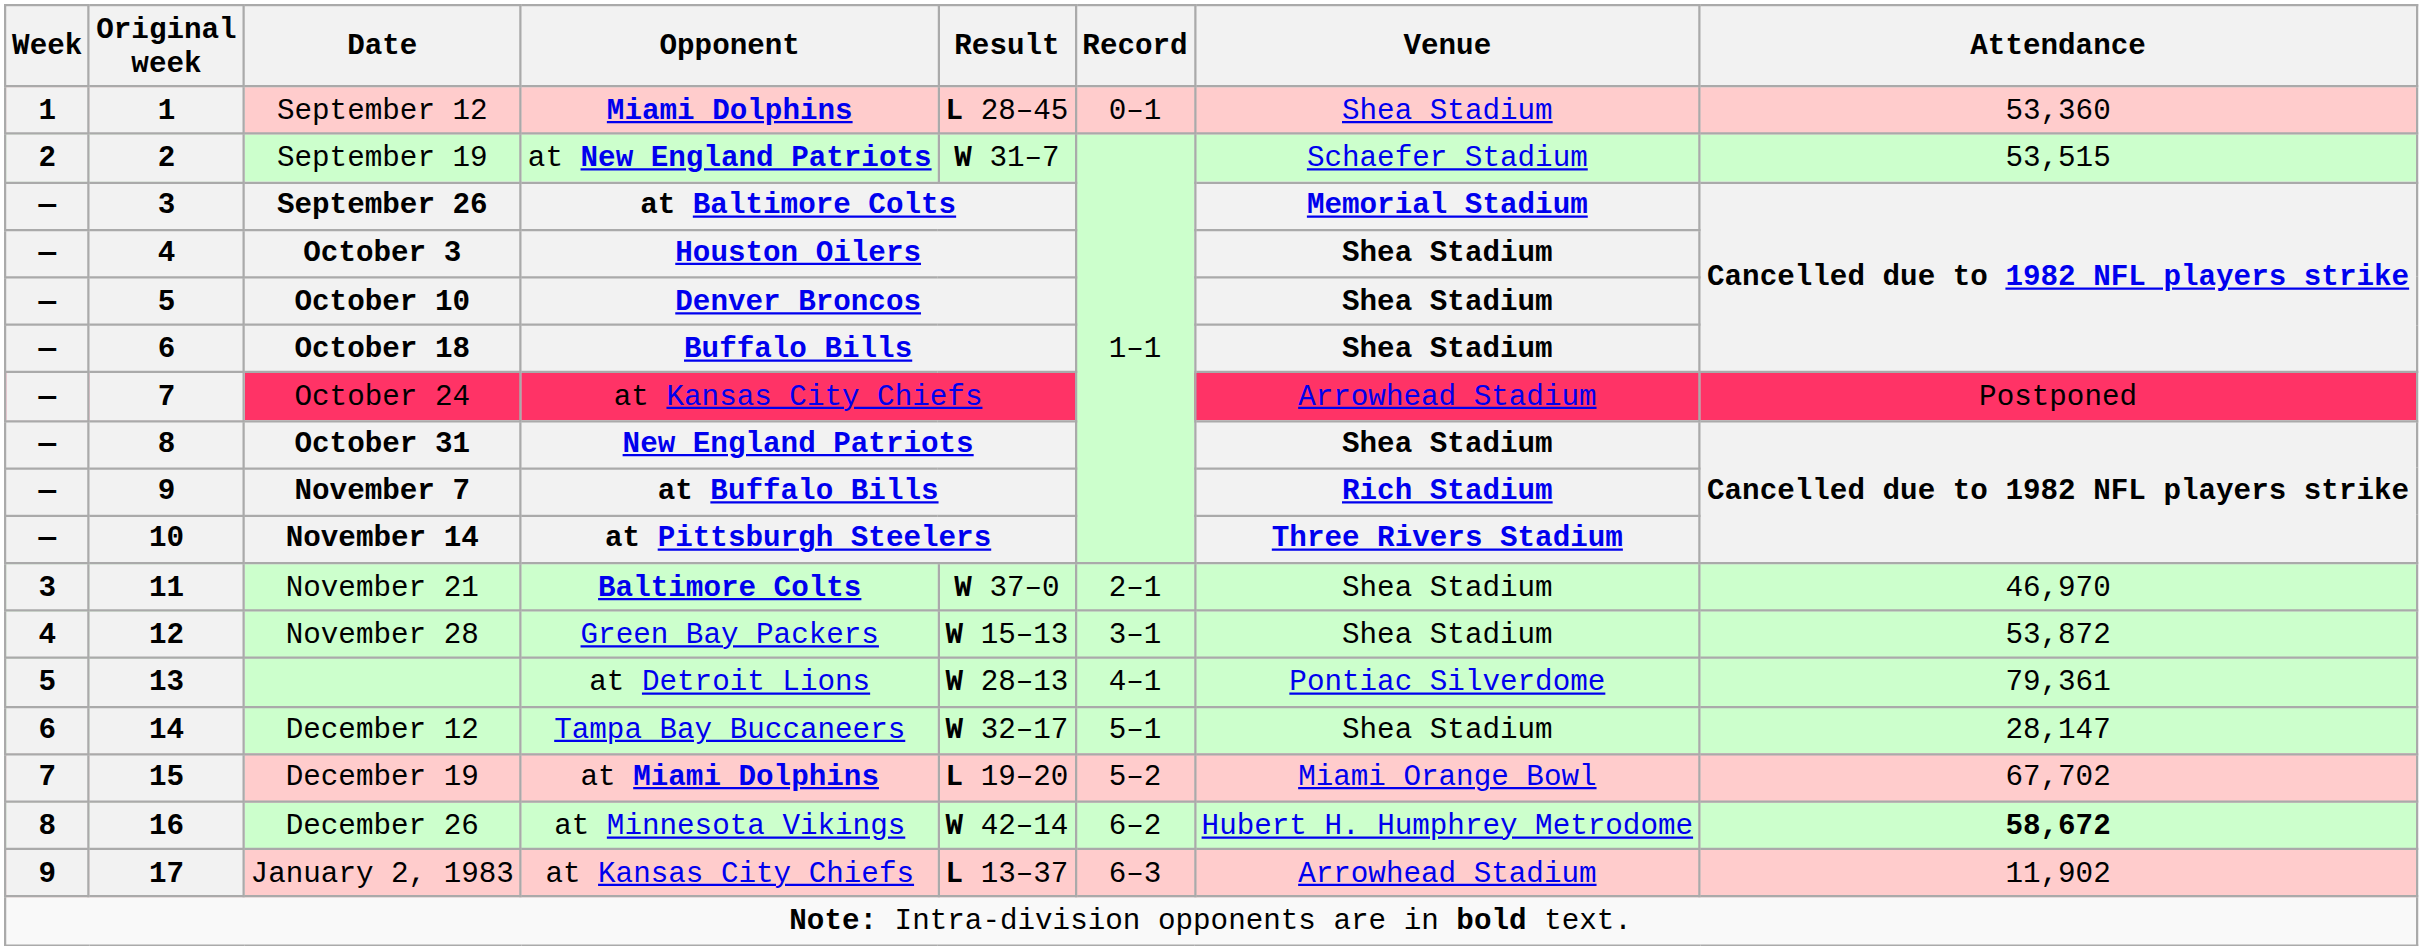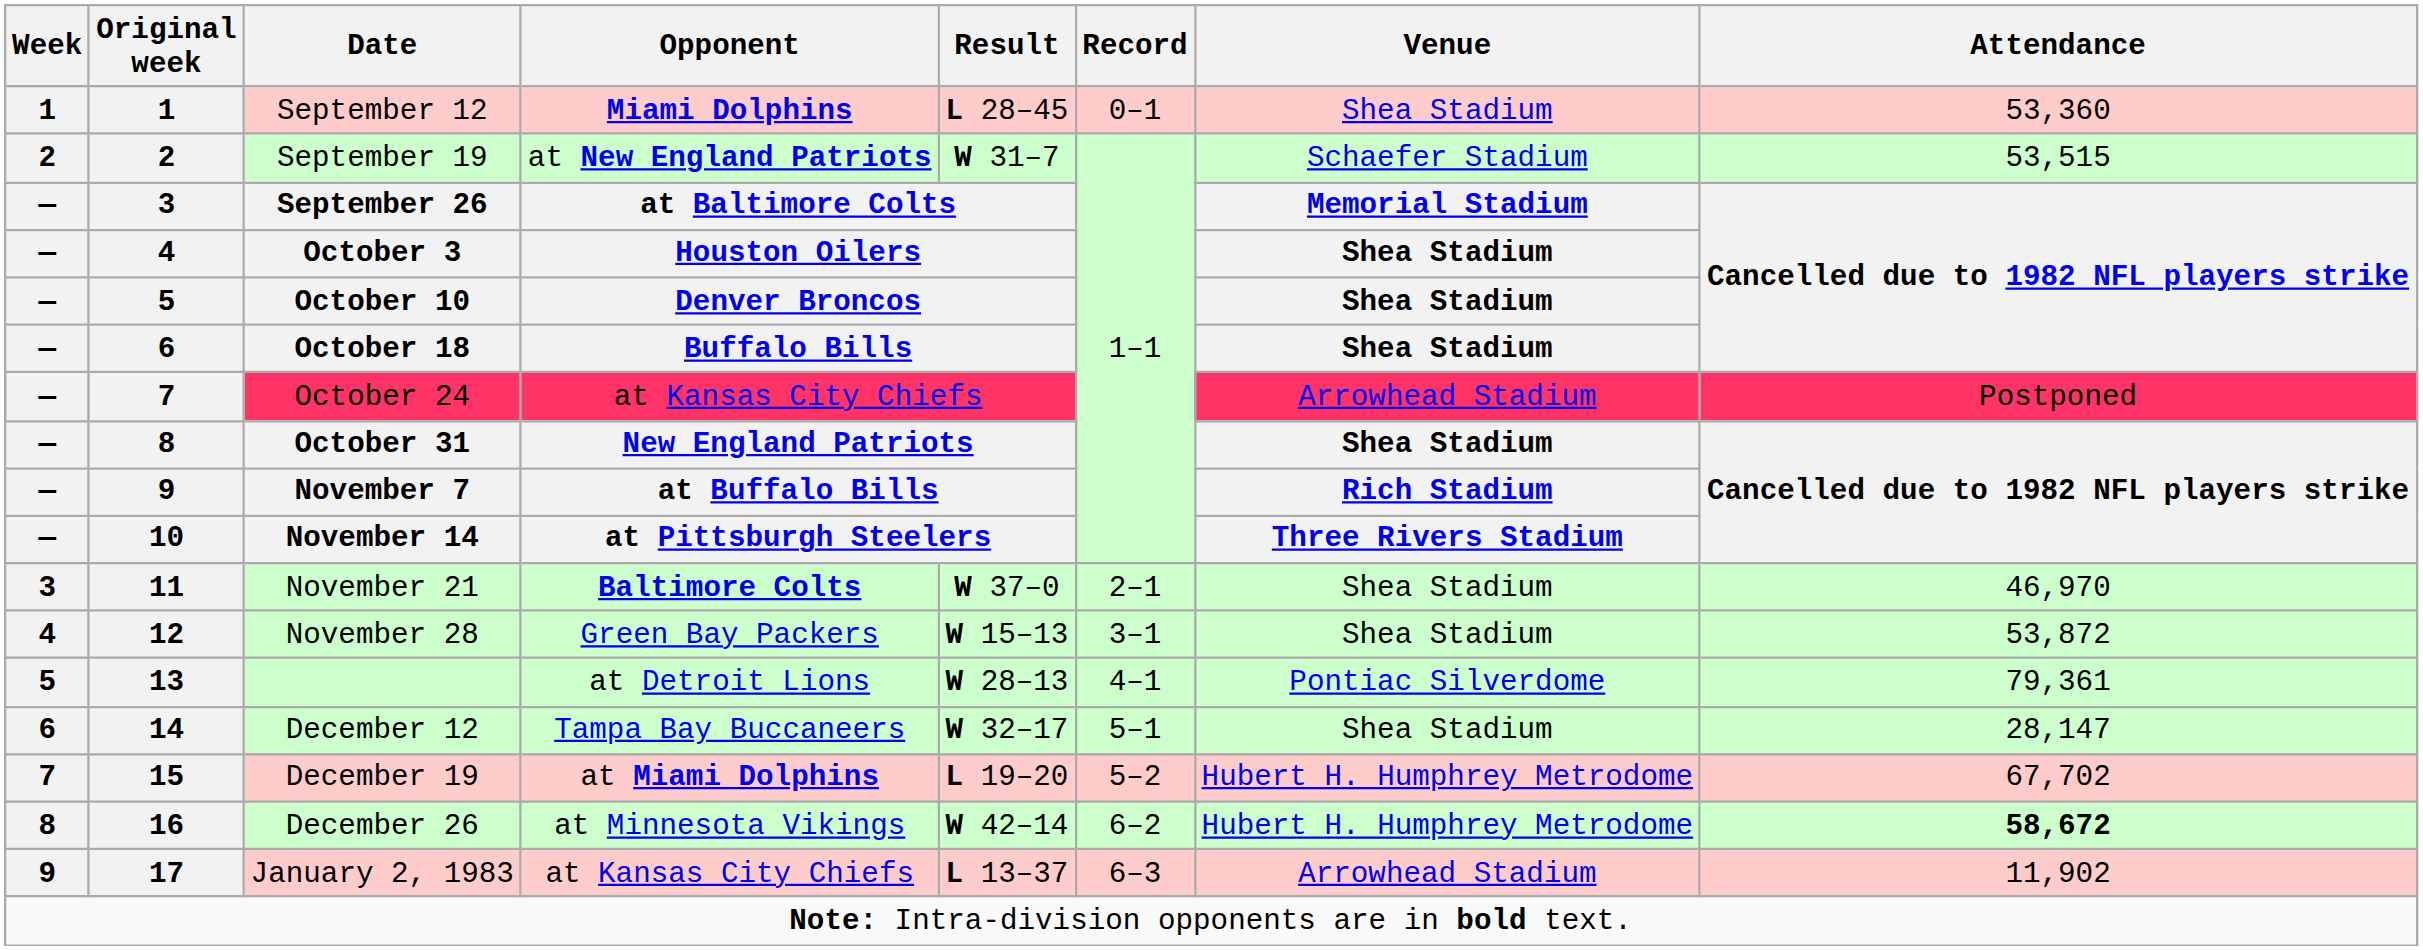 <table class="wikitable" style="text-align:center">
 <tr>
 <th>Week</th>
 <th>Original<br>week</th>
 <th>Date</th>
 <th>Opponent</th>
 <th>Result</th>
 <th>Record</th>
 <th>Venue</th>
 <th>Attendance</th>
 </tr>
 <tr style="background:#fcc">
 <th>1</th>
 <th>1</th>
 <td>September 12</td>
 <td><strong><a href='#'>Miami Dolphins</a></strong></td>
 <td><strong>L</strong> 28–45</td>
 <td>0–1</td>
 <td><a href='#'>Shea Stadium</a></td>
 <td>53,360</td>
 </tr>
 <tr style="background:#cfc">
 <th>2</th>
 <th>2</th>
 <td>September 19</td>
 <td>at <strong><a href='#'>New England Patriots</a></strong></td>
 <td><strong>W</strong> 31–7</td>
 <td rowspan="9">1–1</td>
 <td><a href='#'>Schaefer Stadium</a></td>
 <td>53,515</td>
 </tr>
 <tr>
 <th>—</th>
 <th>3</th>
 <th>September 26</th>
 <th colspan="2">at <strong><a href='#'>Baltimore Colts</a></strong></th>
 <th><a href='#'>Memorial Stadium</a></th>
 <th rowspan="4">Cancelled due to <a href='#'>1982 NFL players strike</a></th>
 </tr>
 <tr>
 <th>—</th>
 <th>4</th>
 <th>October 3</th>
 <th colspan="2"><a href='#'>Houston Oilers</a></th>
 <th>Shea Stadium</th>
 </tr>
 <tr>
 <th>—</th>
 <th>5</th>
 <th>October 10</th>
 <th colspan="2"><a href='#'>Denver Broncos</a></th>
 <th>Shea Stadium</th>
 </tr>
 <tr>
 <th>—</th>
 <th>6</th>
 <th>October 18</th>
 <th colspan="2"><strong><a href='#'>Buffalo Bills</a></strong></th>
 <th>Shea Stadium</th>
 </tr>
 <tr style="background:#F36;">
 <th>—</th>
 <th>7</th>
 <td>October 24</td>
 <td colspan="2">at <a href='#'>Kansas City Chiefs</a></td>
 <td><a href='#'>Arrowhead Stadium</a></td>
 <td>Postponed</td>
 </tr>
 <tr>
 <th>—</th>
 <th>8</th>
 <th>October 31</th>
 <th colspan="2"><strong><a href='#'>New England Patriots</a></strong></th>
 <th>Shea Stadium</th>
 <th rowspan="3">Cancelled due to 1982 NFL players strike</th>
 </tr>
 <tr>
 <th>—</th>
 <th>9</th>
 <th>November 7</th>
 <th colspan="2">at <strong><a href='#'>Buffalo Bills</a></strong></th>
 <th><a href='#'>Rich Stadium</a></th>
 </tr>
 <tr>
 <th>—</th>
 <th>10</th>
 <th>November 14</th>
 <th colspan="2">at <a href='#'>Pittsburgh Steelers</a></th>
 <th><a href='#'>Three Rivers Stadium</a></th>
 </tr>
 <tr style="background:#cfc">
 <th>3</th>
 <th>11</th>
 <td>November 21</td>
 <td><strong><a href='#'>Baltimore Colts</a></strong></td>
 <td><strong>W</strong> 37–0</td>
 <td>2–1</td>
 <td>Shea Stadium</td>
 <td>46,970</td>
 </tr>
 <tr style="background:#cfc">
 <th>4</th>
 <th>12</th>
 <td>November 28</td>
 <td><a href='#'>Green Bay Packers</a></td>
 <td><strong>W</strong> 15–13</td>
 <td>3–1</td>
 <td>Shea Stadium</td>
 <td>53,872</td>
 </tr>
 <tr style="background:#cfc">
 <th>5</th>
 <th>13</th>
 <td></td>
 <td>at <a href='#'>Detroit Lions</a></td>
 <td><strong>W</strong> 28–13</td>
 <td>4–1</td>
 <td><a href='#'>Pontiac Silverdome</a></td>
 <td>79,361</td>
 </tr>
 <tr style="background:#cfc">
 <th>6</th>
 <th>14</th>
 <td>December 12</td>
 <td><a href='#'>Tampa Bay Buccaneers</a></td>
 <td><strong>W</strong> 32–17</td>
 <td>5–1</td>
 <td>Shea Stadium</td>
 <td>28,147</td>
 </tr>
 <tr style="background:#fcc">
 <th>7</th>
 <th>15</th>
 <td>December 19</td>
 <td>at <strong><a href='#'>Miami Dolphins</a></strong></td>
 <td><strong>L</strong> 19–20</td>
 <td>5–2</td>
-<td><a href='#'>Miami Orange Bowl</a></td>
+<td><a href='#'>Hubert H. Humphrey Metrodome</a></td>
 <td>67,702</td>
 </tr>
 <tr style="background:#cfc">
 <th>8</th>
 <th>16</th>
 <td>December 26</td>
 <td>at <a href='#'>Minnesota Vikings</a></td>
 <td><strong>W</strong> 42–14</td>
 <td>6–2</td>
 <td><a href='#'>Hubert H. Humphrey Metrodome</a></td>
 <td><strong>58,672</strong></td>
 </tr>
 <tr style="background:#fcc">
 <th>9</th>
 <th>17</th>
 <td>January 2, 1983</td>
 <td>at <a href='#'>Kansas City Chiefs</a></td>
 <td><strong>L</strong> 13–37</td>
 <td>6–3</td>
 <td><a href='#'>Arrowhead Stadium</a></td>
 <td>11,902</td>
 </tr>
 <tr>
 <td colspan="8"><strong>Note:</strong> Intra-division opponents are in <strong>bold</strong> text.</td>
 </tr>
 </table>
